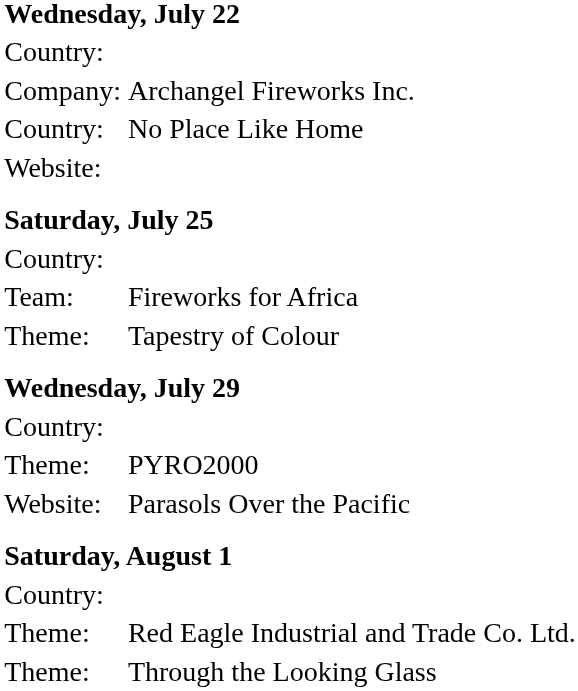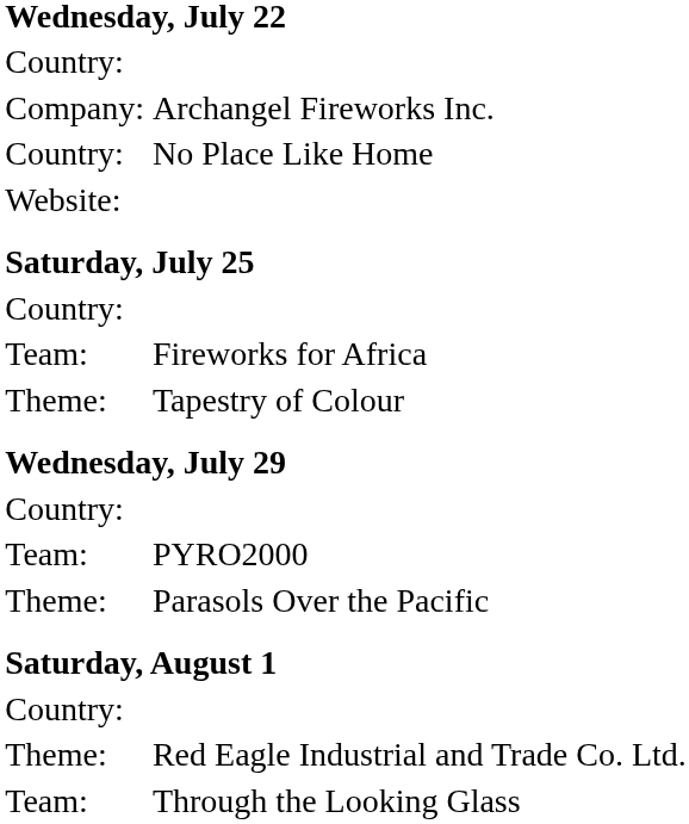 <table border="0">
 <tr>
 <td colspan="2"><strong>Wednesday, July 22</strong></td>
 </tr>
 <tr>
 <td>Country:</td>
 <td></td>
 </tr>
 <tr>
 <td>Company:</td>
 <td>Archangel Fireworks Inc.</td>
 </tr>
 <tr>
 <td>Country:</td>
 <td>No Place Like Home</td>
 </tr>
 <tr>
 <td>Website:</td>
 <td></td>
 </tr>
 <tr>
 <td colspan="2"></td>
 </tr>
 <tr>
 <td></td>
 </tr>
 <tr>
 <td colspan="2"><strong>Saturday, July 25</strong></td>
 </tr>
 <tr>
 <td>Country:</td>
 <td></td>
 </tr>
 <tr>
 <td>Team:</td>
 <td>Fireworks for Africa</td>
 </tr>
 <tr>
 <td>Theme:</td>
 <td>Tapestry of Colour</td>
 </tr>
 <tr>
 <td colspan="2"></td>
 </tr>
 <tr>
 <td></td>
 </tr>
 <tr>
 <td colspan="2"><strong>Wednesday, July 29</strong></td>
 </tr>
 <tr>
 <td>Country:</td>
 <td></td>
 </tr>
 <tr>
-<td>Theme:</td>
+<td>Team:</td>
 <td>PYRO2000</td>
 </tr>
 <tr>
-<td>Website:</td>
+<td>Theme:</td>
 <td>Parasols Over the Pacific</td>
 </tr>
 <tr>
 <td colspan="2"></td>
 </tr>
 <tr>
 <td></td>
 </tr>
 <tr>
 <td colspan="2"><strong>Saturday, August 1</strong></td>
 </tr>
 <tr>
 <td>Country:</td>
 <td></td>
 </tr>
 <tr>
 <td>Theme:</td>
 <td>Red Eagle Industrial and Trade Co. Ltd.</td>
 </tr>
 <tr>
-<td>Theme:</td>
+<td>Team:</td>
 <td>Through the Looking Glass</td>
 </tr>
 <tr>
 <td colspan="2"></td>
 </tr>
 </table>
